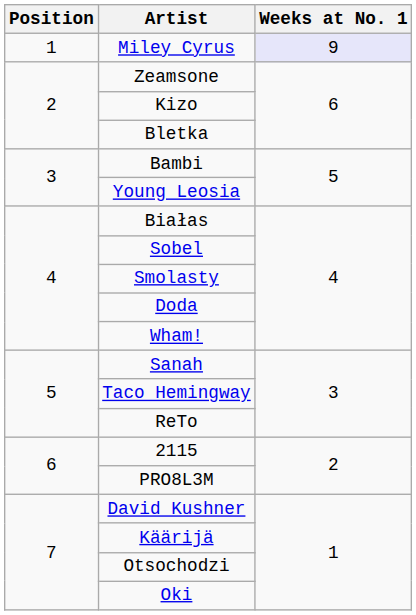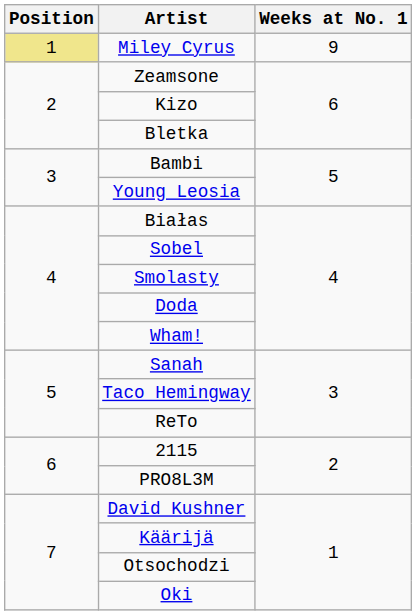 <table class="wikitable plainrowheaders" style="text-align:center;">
 <tr>
 <th>Position</th>
 <th>Artist</th>
 <th>Weeks at No. 1</th>
 </tr>
 <tr>
-<td>1</td>
+<td style="background: khaki;">1</td>
 <td><a href='#'>Miley Cyrus</a></td>
-<td style="background: lavender;">9</td>
+<td>9</td>
 </tr>
 <tr>
 <td rowspan="3">2</td>
 <td>Zeamsone</td>
 <td rowspan="3">6</td>
 </tr>
 <tr>
 <td>Kizo</td>
 </tr>
 <tr>
 <td>Bletka</td>
 </tr>
 <tr>
 <td rowspan="2">3</td>
 <td>Bambi</td>
 <td rowspan="2">5</td>
 </tr>
 <tr>
 <td><a href='#'>Young Leosia</a></td>
 </tr>
 <tr>
 <td rowspan="5">4</td>
 <td>Białas</td>
 <td rowspan="5">4</td>
 </tr>
 <tr>
 <td><a href='#'>Sobel</a></td>
 </tr>
 <tr>
 <td><a href='#'>Smolasty</a></td>
 </tr>
 <tr>
 <td><a href='#'>Doda</a></td>
 </tr>
 <tr>
 <td><a href='#'>Wham!</a></td>
 </tr>
 <tr>
 <td rowspan="3">5</td>
 <td><a href='#'>Sanah</a></td>
 <td rowspan="3">3</td>
 </tr>
 <tr>
 <td><a href='#'>Taco Hemingway</a></td>
 </tr>
 <tr>
 <td>ReTo</td>
 </tr>
 <tr>
 <td rowspan="2">6</td>
 <td>2115</td>
 <td rowspan="2">2</td>
 </tr>
 <tr>
 <td>PRO8L3M</td>
 </tr>
 <tr>
 <td rowspan="4">7</td>
 <td><a href='#'>David Kushner</a></td>
 <td rowspan="4">1</td>
 </tr>
 <tr>
 <td><a href='#'>Käärijä</a></td>
 </tr>
 <tr>
 <td>Otsochodzi</td>
 </tr>
 <tr>
 <td><a href='#'>Oki</a></td>
 </tr>
 </table>
